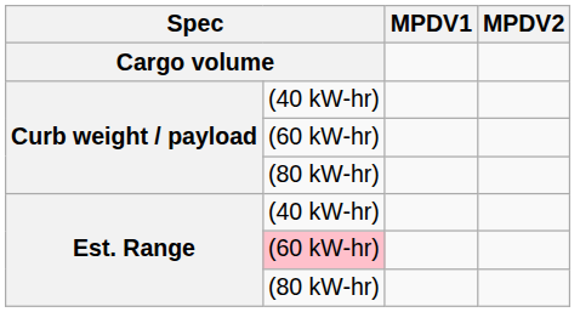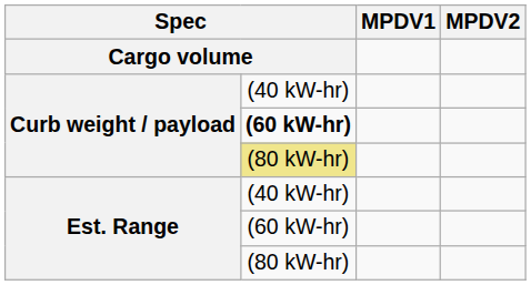 <table class="wikitable" style="font-size:100%;text-align:center;">
 <tr>
 <th colspan=2>Spec</th>
 <th>MPDV1</th>
 <th>MPDV2</th>
 </tr>
 <tr>
 <th colspan=2>Cargo volume</th>
 <td></td>
 <td></td>
 </tr>
 <tr>
 <th rowspan=3>Curb weight / payload</th>
 <td>(40 kW-hr)</td>
 <td></td>
 <td></td>
 </tr>
 <tr>
-<td>(60 kW-hr)</td>
+<td><strong>(60 kW-hr)</strong></td>
 <td></td>
 <td></td>
 </tr>
 <tr>
-<td>(80 kW-hr)</td>
+<td style="background: khaki;">(80 kW-hr)</td>
 <td></td>
 <td></td>
 </tr>
 <tr>
 <th rowspan=3>Est. Range</th>
 <td>(40 kW-hr)</td>
 <td></td>
 <td></td>
 </tr>
 <tr>
-<td style="background: pink;">(60 kW-hr)</td>
+<td>(60 kW-hr)</td>
 <td></td>
 <td></td>
 </tr>
 <tr>
 <td>(80 kW-hr)</td>
 <td></td>
 <td></td>
 </tr>
 </table>
